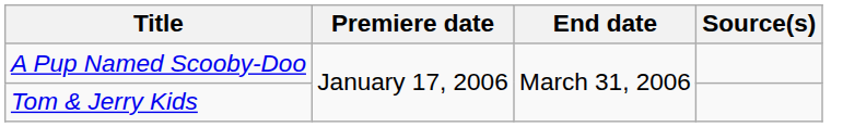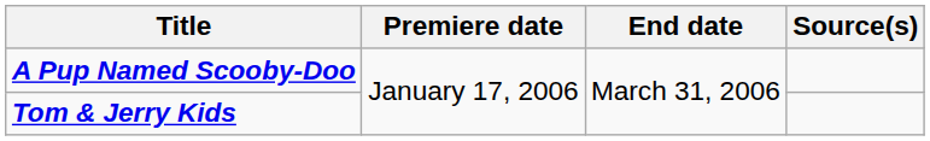 <table class="wikitable sortable">
 <tr>
 <th>Title</th>
 <th>Premiere date</th>
 <th>End date</th>
 <th>Source(s)</th>
 </tr>
 <tr>
-<td><em><a href='#'>A Pup Named Scooby-Doo</a></em></td>
+<td><strong><em><a href='#'>A Pup Named Scooby-Doo</a></em></strong></td>
 <td rowspan=2>January 17, 2006</td>
 <td rowspan=2>March 31, 2006</td>
 <td></td>
 </tr>
 <tr>
-<td><em><a href='#'>Tom & Jerry Kids</a></em></td>
+<td><strong><em><a href='#'>Tom & Jerry Kids</a></em></strong></td>
 <td></td>
 </tr>
 </table>
